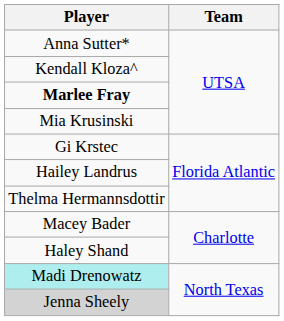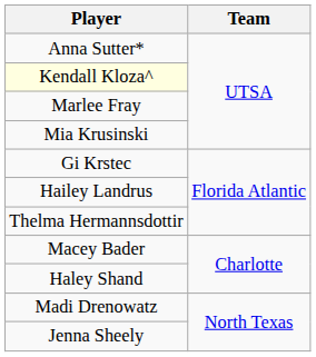 <table class="wikitable" style="text-align: center;">
 <tr>
 <th>Player</th>
 <th>Team</th>
 </tr>
 <tr>
 <td>Anna Sutter*</td>
 <td rowspan=4><a href='#'>UTSA</a></td>
 </tr>
 <tr>
-<td>Kendall Kloza^</td>
+<td style="background: lightyellow;">Kendall Kloza^</td>
 </tr>
 <tr>
-<td><strong>Marlee Fray</strong></td>
+<td>Marlee Fray</td>
 </tr>
 <tr>
 <td>Mia Krusinski</td>
 </tr>
 <tr>
 <td>Gi Krstec</td>
 <td rowspan=3><a href='#'>Florida Atlantic</a></td>
 </tr>
 <tr>
 <td>Hailey Landrus</td>
 </tr>
 <tr>
 <td>Thelma Hermannsdottir</td>
 </tr>
 <tr>
 <td>Macey Bader</td>
 <td rowspan=2><a href='#'>Charlotte</a></td>
 </tr>
 <tr>
 <td>Haley Shand</td>
 </tr>
 <tr>
-<td style="background: paleturquoise;">Madi Drenowatz</td>
+<td>Madi Drenowatz</td>
 <td rowspan=2><a href='#'>North Texas</a></td>
 </tr>
 <tr>
-<td style="background: lightgrey;">Jenna Sheely</td>
+<td>Jenna Sheely</td>
 </tr>
 </table>
